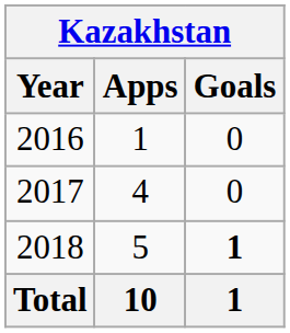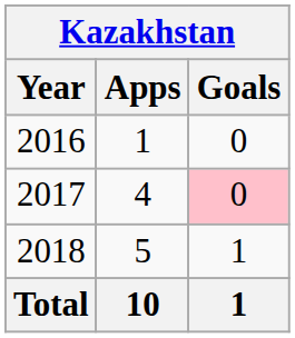 <table class="wikitable" style="text-align:center">
 <tr>
 <th colspan=3><a href='#'>Kazakhstan</a></th>
 </tr>
 <tr>
 <th>Year</th>
 <th>Apps</th>
 <th>Goals</th>
 </tr>
 <tr>
 <td>2016</td>
 <td>1</td>
 <td>0</td>
 </tr>
 <tr>
 <td>2017</td>
 <td>4</td>
-<td>0</td>
+<td style="background: pink;">0</td>
 </tr>
 <tr>
 <td>2018</td>
 <td>5</td>
-<td><strong>1</strong></td>
+<td>1</td>
 </tr>
 <tr>
 <th>Total</th>
 <th>10</th>
 <th>1</th>
 </tr>
 </table>
